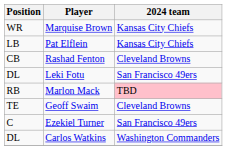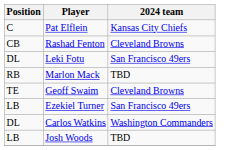 <table class="wikitable">
 <tr>
 <th>Position</th>
 <th>Player</th>
 <th>2024 team</th>
 </tr>
 <tr>
-<td>WR</td>
-<td><a href='#'>Marquise Brown</a></td>
-<td><a href='#'>Kansas City Chiefs</a></td>
-</tr>
-<tr>
-<td>LB</td>
+<td>C</td>
 <td><a href='#'>Pat Elflein</a></td>
 <td><a href='#'>Kansas City Chiefs</a></td>
 </tr>
 <tr>
 <td>CB</td>
 <td><a href='#'>Rashad Fenton</a></td>
 <td><a href='#'>Cleveland Browns</a></td>
 </tr>
 <tr>
 <td>DL</td>
 <td><a href='#'>Leki Fotu</a></td>
 <td><a href='#'>San Francisco 49ers</a></td>
 </tr>
 <tr>
 <td>RB</td>
 <td><a href='#'>Marlon Mack</a></td>
-<td style="background: pink;">TBD</td>
+<td>TBD</td>
 </tr>
 <tr>
 <td>TE</td>
 <td><a href='#'>Geoff Swaim</a></td>
 <td><a href='#'>Cleveland Browns</a></td>
 </tr>
 <tr>
-<td>C</td>
+<td>LB</td>
 <td><a href='#'>Ezekiel Turner</a></td>
 <td><a href='#'>San Francisco 49ers</a></td>
 </tr>
 <tr>
 <td>DL</td>
 <td><a href='#'>Carlos Watkins</a></td>
 <td><a href='#'>Washington Commanders</a></td>
 </tr>
 <tr>
+<td>LB</td>
+<td><a href='#'>Josh Woods</a></td>
+<td>TBD</td>
+</tr>
+<tr>
 </tr>
 </table>
